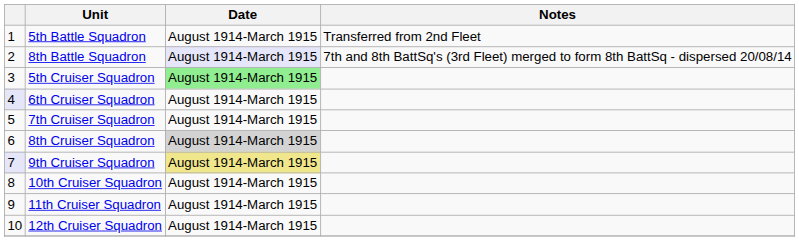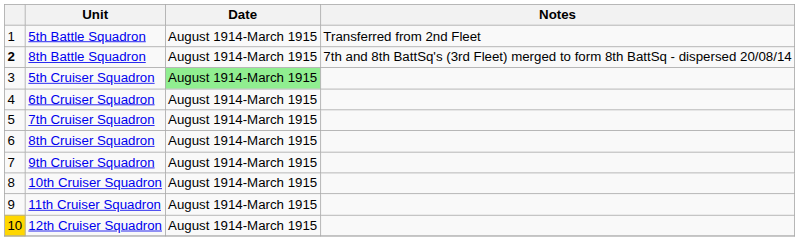 <table class=wikitable>
 <tr>
 <th></th>
 <th>Unit</th>
 <th>Date</th>
 <th>Notes</th>
 </tr>
 <tr>
 <td>1</td>
 <td><a href='#'>5th Battle Squadron</a></td>
 <td>August 1914-March 1915</td>
 <td>Transferred from 2nd Fleet</td>
 </tr>
 <tr>
-<td>2</td>
+<td><strong>2</strong></td>
 <td><a href='#'>8th Battle Squadron</a></td>
-<td style="background: lavender;">August 1914-March 1915</td>
+<td>August 1914-March 1915</td>
 <td>7th and 8th BattSq's (3rd Fleet) merged to form 8th BattSq - dispersed 20/08/14</td>
 </tr>
 <tr>
 <td>3</td>
 <td><a href='#'>5th Cruiser Squadron</a></td>
 <td style="background: lightgreen;">August 1914-March 1915</td>
 <td></td>
 </tr>
 <tr>
-<td style="background: lavender;">4</td>
+<td>4</td>
 <td><a href='#'>6th Cruiser Squadron</a></td>
 <td>August 1914-March 1915</td>
 <td></td>
 </tr>
 <tr>
 <td>5</td>
 <td><a href='#'>7th Cruiser Squadron</a></td>
 <td>August 1914-March 1915</td>
 <td></td>
 </tr>
 <tr>
 <td>6</td>
 <td><a href='#'>8th Cruiser Squadron</a></td>
-<td style="background: lightgrey;">August 1914-March 1915</td>
+<td>August 1914-March 1915</td>
 <td></td>
 </tr>
 <tr>
-<td style="background: lavender;">7</td>
+<td>7</td>
 <td><a href='#'>9th Cruiser Squadron</a></td>
-<td style="background: khaki;">August 1914-March 1915</td>
+<td>August 1914-March 1915</td>
 <td></td>
 </tr>
 <tr>
 <td>8</td>
 <td><a href='#'>10th Cruiser Squadron</a></td>
 <td>August 1914-March 1915</td>
 <td></td>
 </tr>
 <tr>
 <td>9</td>
 <td><a href='#'>11th Cruiser Squadron</a></td>
 <td>August 1914-March 1915</td>
 <td></td>
 </tr>
 <tr>
-<td>10</td>
+<td style="background: gold;">10</td>
 <td><a href='#'>12th Cruiser Squadron</a></td>
 <td>August 1914-March 1915</td>
 <td></td>
 </tr>
 <tr>
 </tr>
 </table>
